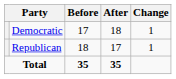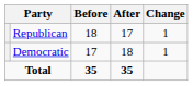 <table class="wikitable" style="text-align:center;">
 <tr>
 <th colspan="2">Party</th>
 <th>Before</th>
 <th>After</th>
 <th>Change</th>
 </tr>
 <tr>
 <th style="background-color:"></th>
-<td style="text-align:left;"><a href='#'>Democratic</a></td>
+<td style="text-align:left;"><a href='#'>Republican</a></td>
+<td>18</td>
 <td>17</td>
-<td>18</td>
 <td> 1</td>
 </tr>
 <tr>
 <th style="background-color:"></th>
-<td style="text-align:left;"><a href='#'>Republican</a></td>
+<td style="text-align:left;"><a href='#'>Democratic</a></td>
+<td>17</td>
 <td>18</td>
-<td>17</td>
 <td> 1</td>
 </tr>
 <tr>
 <td colspan="2"><strong>Total</strong></td>
 <td><strong>35</strong></td>
 <td><strong>35</strong></td>
 <td></td>
 </tr>
 </table>
